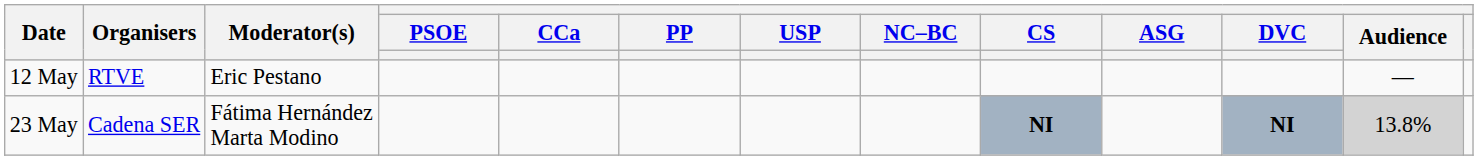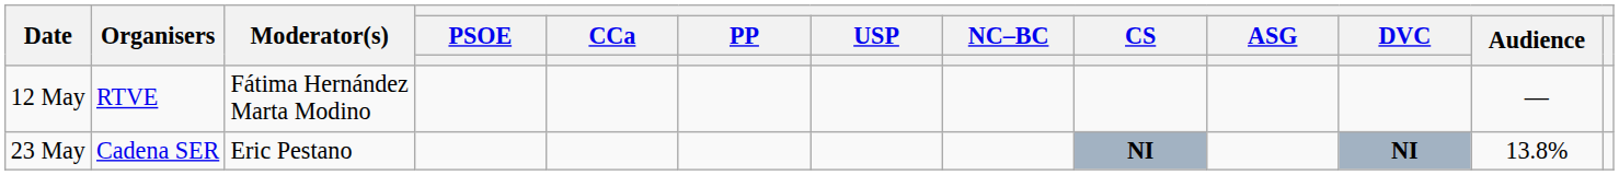 <table class="wikitable" style="text-align:center;">
 <tr>
 <th rowspan="3">Date</th>
 <th rowspan="3">Organisers</th>
 <th rowspan="3">Moderator(s)</th>
 <th colspan="10">        </th>
 </tr>
 <tr>
 <th scope="col" style="width:5em;"><a href='#'>PSOE</a></th>
 <th scope="col" style="width:5em;"><a href='#'>CCa</a></th>
 <th scope="col" style="width:5em;"><a href='#'>PP</a></th>
 <th scope="col" style="width:5em;"><a href='#'>USP</a></th>
 <th scope="col" style="width:5em;"><a href='#'>NC–BC</a></th>
 <th scope="col" style="width:5em;"><a href='#'>CS</a></th>
 <th scope="col" style="width:5em;"><a href='#'>ASG</a></th>
 <th scope="col" style="width:5em;"><a href='#'>DVC</a></th>
 <th rowspan="2" scope="col" style="width:5em;">Audience</th>
 <th rowspan="2"></th>
 </tr>
 <tr>
 <th style="color:inherit;background:"></th>
 <th style="color:inherit;background:"></th>
 <th style="color:inherit;background:"></th>
 <th style="color:inherit;background:"></th>
 <th style="color:inherit;background:"></th>
 <th style="color:inherit;background:"></th>
 <th style="color:inherit;background:"></th>
 <th style="color:inherit;background:"></th>
 </tr>
 <tr>
 <td style="white-space:nowrap; text-align:left;">12 May</td>
 <td style="white-space:nowrap; text-align:left;"><a href='#'>RTVE</a></td>
-<td style="white-space:nowrap; text-align:left;">Eric Pestano</td>
+<td style="white-space:nowrap; text-align:left;">Fátima Hernández<br>Marta Modino</td>
 <td></td>
 <td></td>
 <td></td>
 <td></td>
 <td></td>
 <td></td>
 <td></td>
 <td></td>
 <td>—</td>
 <td></td>
 </tr>
 <tr>
 <td style="white-space:nowrap; text-align:left;">23 May</td>
 <td style="white-space:nowrap; text-align:left;"><a href='#'>Cadena SER</a></td>
-<td style="white-space:nowrap; text-align:left;">Fátima Hernández<br>Marta Modino</td>
+<td style="white-space:nowrap; text-align:left;">Eric Pestano</td>
 <td></td>
 <td></td>
 <td></td>
 <td></td>
 <td></td>
 <td style="background:#A2B2C2;"><strong>NI</strong></td>
 <td></td>
 <td style="background:#A2B2C2;"><strong>NI</strong></td>
-<td style="background: lightgrey;">13.8%<br></td>
+<td>13.8%<br></td>
 <td><br></td>
 </tr>
 </table>
